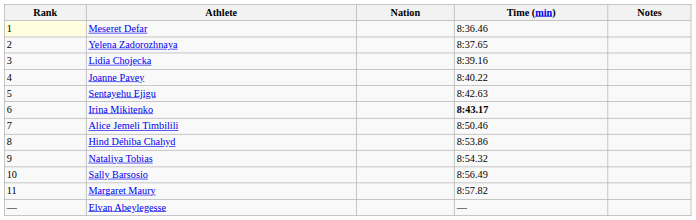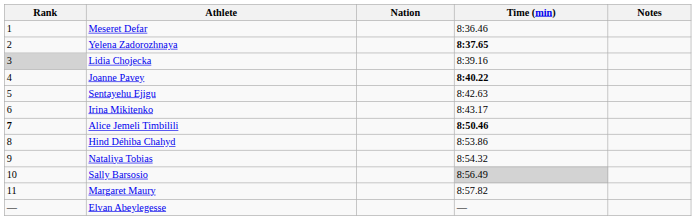 <table class="wikitable" style="text=align:center;" width=85%>
 <tr>
 <th>Rank</th>
 <th>Athlete</th>
 <th>Nation</th>
 <th>Time (<a href='#'>min</a>)</th>
 <th>Notes</th>
 </tr>
 <tr>
-<td style="background: lightyellow;">1</td>
+<td>1</td>
 <td><a href='#'>Meseret Defar</a></td>
 <td></td>
 <td>8:36.46</td>
 <td></td>
 </tr>
 <tr>
 <td>2</td>
 <td><a href='#'>Yelena Zadorozhnaya</a></td>
 <td></td>
-<td>8:37.65</td>
+<td><strong>8:37.65</strong></td>
 <td></td>
 </tr>
 <tr>
-<td>3</td>
+<td style="background: lightgrey;">3</td>
 <td><a href='#'>Lidia Chojecka</a></td>
 <td></td>
 <td>8:39.16</td>
 <td></td>
 </tr>
 <tr>
 <td>4</td>
 <td><a href='#'>Joanne Pavey</a></td>
 <td></td>
-<td>8:40.22</td>
+<td><strong>8:40.22</strong></td>
 <td></td>
 </tr>
 <tr>
 <td>5</td>
 <td><a href='#'>Sentayehu Ejigu</a></td>
 <td></td>
 <td>8:42.63</td>
 <td></td>
 </tr>
 <tr>
 <td>6</td>
 <td><a href='#'>Irina Mikitenko</a></td>
 <td></td>
-<td><strong>8:43.17</strong></td>
+<td>8:43.17</td>
 <td></td>
 </tr>
 <tr>
-<td>7</td>
+<td><strong>7</strong></td>
 <td><a href='#'>Alice Jemeli Timbilili</a></td>
 <td></td>
-<td>8:50.46</td>
+<td><strong>8:50.46</strong></td>
 </tr>
 <tr>
 <td>8</td>
 <td><a href='#'>Hind Déhiba Chahyd</a></td>
 <td></td>
 <td>8:53.86</td>
 <td></td>
 </tr>
 <tr>
 <td>9</td>
 <td><a href='#'>Nataliya Tobias</a></td>
 <td></td>
 <td>8:54.32</td>
 <td></td>
 </tr>
 <tr>
 <td>10</td>
 <td><a href='#'>Sally Barsosio</a></td>
 <td></td>
-<td>8:56.49</td>
+<td style="background: lightgrey;">8:56.49</td>
 </tr>
 <tr>
 <td>11</td>
 <td><a href='#'>Margaret Maury</a></td>
 <td></td>
 <td>8:57.82</td>
 <td></td>
 </tr>
 <tr>
 <td>—</td>
 <td><a href='#'>Elvan Abeylegesse</a></td>
 <td></td>
 <td>—</td>
 <td></td>
 </tr>
 </table>
